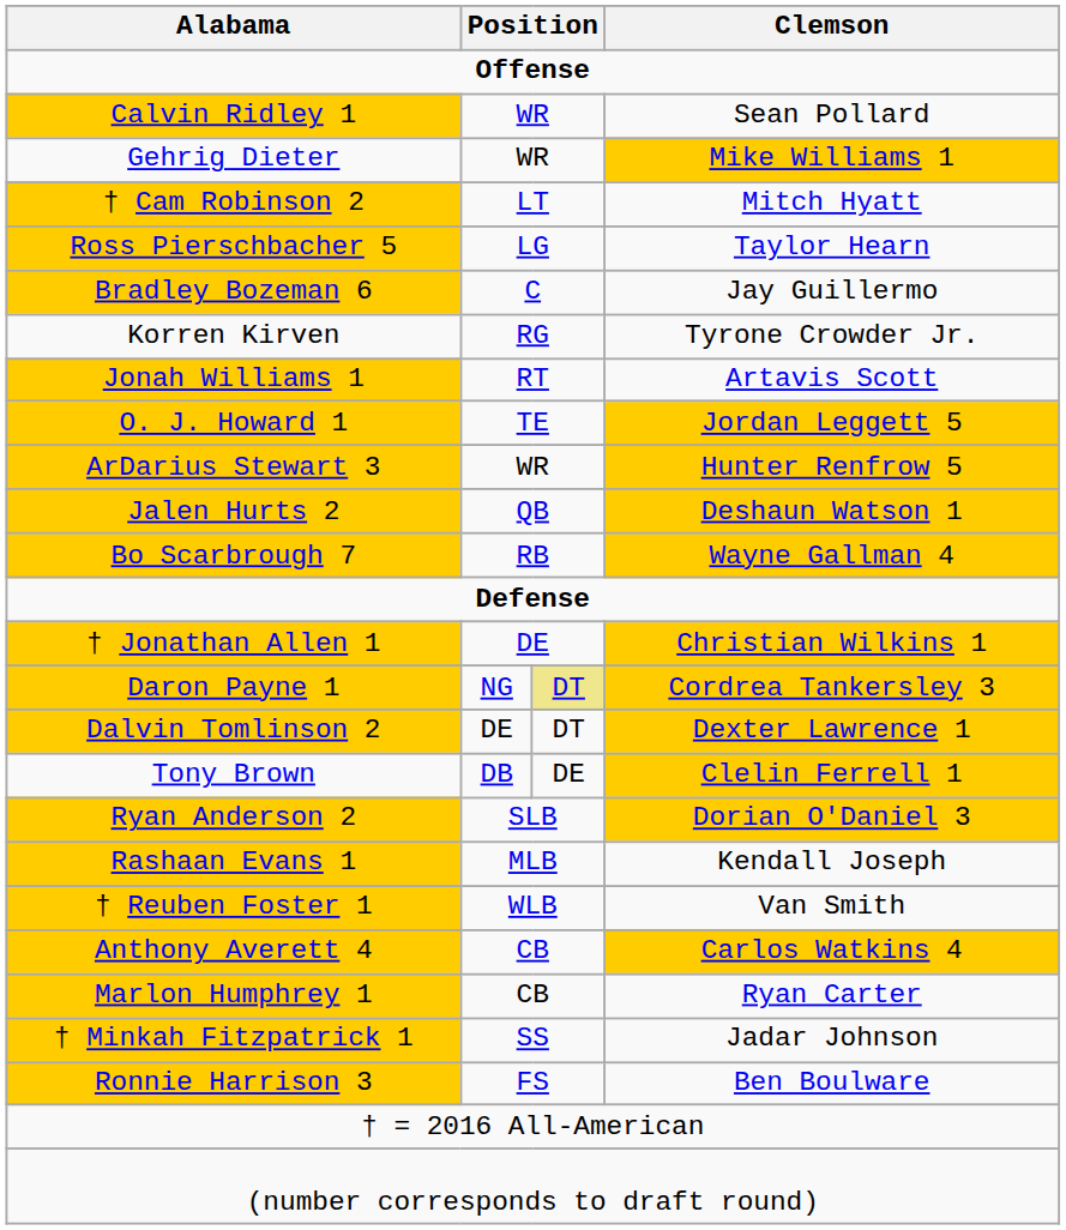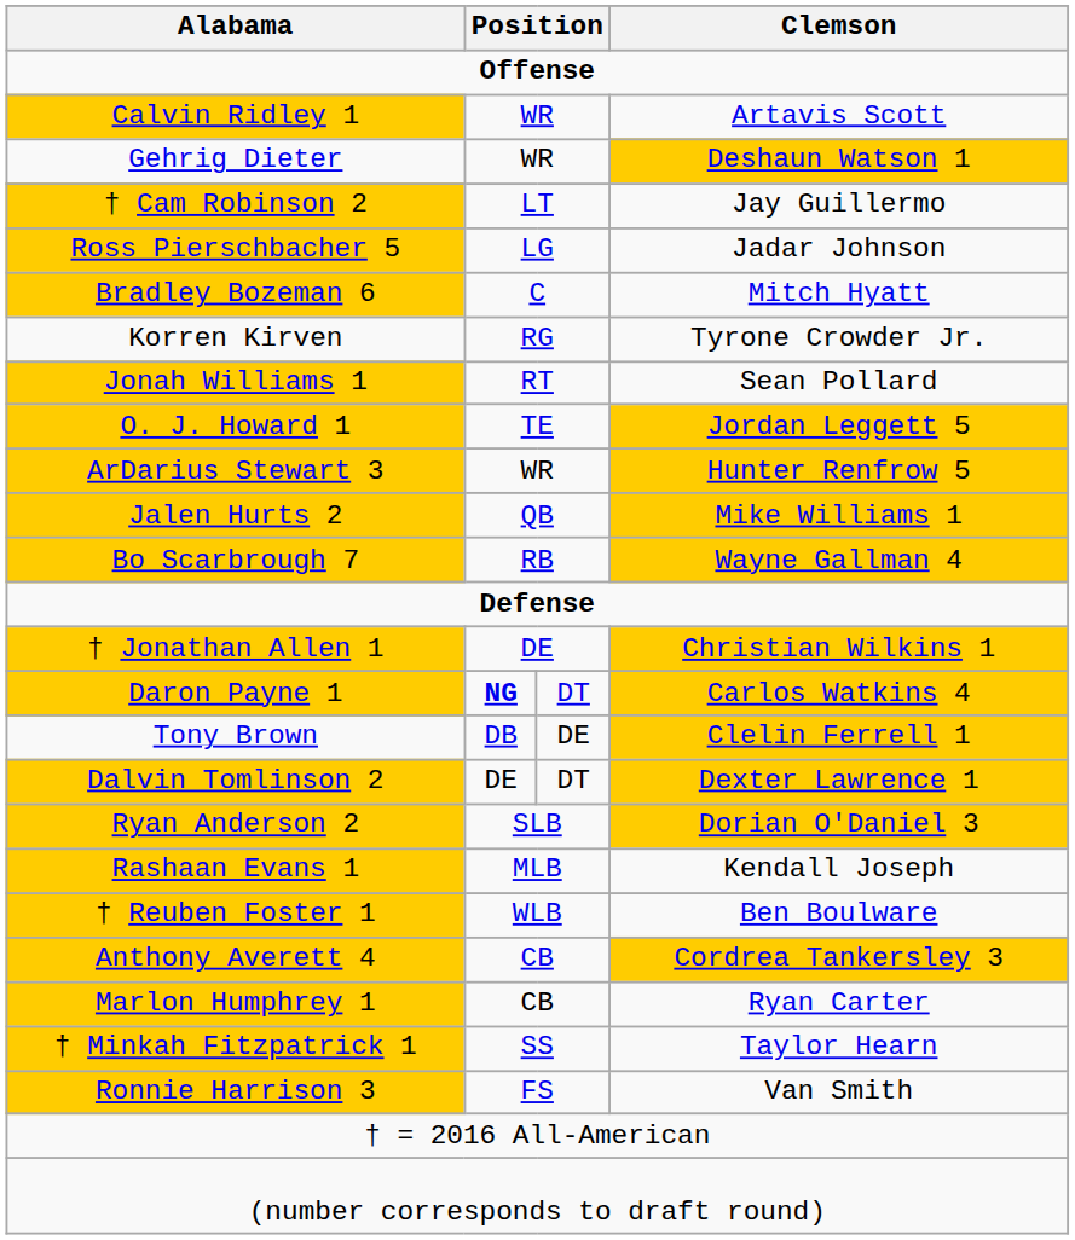 <table class="wikitable" style="text-align:center; font-size: 95%; margin: 1em auto;">
 <tr>
 <th style="width:200px;">Alabama</th>
 <th colspan="2">Position</th>
 <th style="width:200px;">Clemson</th>
 </tr>
 <tr>
 <td colspan="4" style="text-align:center"><strong>Offense</strong></td>
 </tr>
 <tr>
 <td bgcolor="#FFCC00"><a href='#'>Calvin Ridley</a> 1</td>
 <td colspan="2" style="text-align:center"><a href='#'>WR</a></td>
-<td>Sean Pollard</td>
+<td><a href='#'>Artavis Scott</a></td>
 </tr>
 <tr>
 <td><a href='#'>Gehrig Dieter</a></td>
 <td colspan="2" style="text-align:center">WR</td>
-<td bgcolor="#FFCC00"><a href='#'>Mike Williams</a> 1</td>
+<td bgcolor="#FFCC00"><a href='#'>Deshaun Watson</a> 1</td>
 </tr>
 <tr>
 <td bgcolor="#FFCC00">† <a href='#'>Cam Robinson</a>  2</td>
 <td colspan="2" style="text-align:center"><a href='#'>LT</a></td>
-<td><a href='#'>Mitch Hyatt</a></td>
+<td>Jay Guillermo</td>
 </tr>
 <tr>
 <td bgcolor="#FFCC00"><a href='#'>Ross Pierschbacher</a> 5</td>
 <td colspan="2" style="text-align:center"><a href='#'>LG</a></td>
-<td><a href='#'>Taylor Hearn</a></td>
+<td>Jadar Johnson</td>
 </tr>
 <tr>
 <td bgcolor="#FFCC00"><a href='#'>Bradley Bozeman</a> 6</td>
 <td colspan="2" style="text-align:center"><a href='#'>C</a></td>
-<td>Jay Guillermo</td>
+<td><a href='#'>Mitch Hyatt</a></td>
 </tr>
 <tr>
 <td>Korren Kirven</td>
 <td colspan="2" style="text-align:center"><a href='#'>RG</a></td>
 <td>Tyrone Crowder Jr.</td>
 </tr>
 <tr>
 <td bgcolor="#FFCC00"><a href='#'>Jonah Williams</a> 1</td>
 <td colspan="2" style="text-align:center"><a href='#'>RT</a></td>
-<td><a href='#'>Artavis Scott</a></td>
+<td>Sean Pollard</td>
 </tr>
 <tr>
 <td bgcolor="#FFCC00"><a href='#'>O. J. Howard</a> 1</td>
 <td colspan="2" style="text-align:center"><a href='#'>TE</a></td>
 <td bgcolor="#FFCC00"><a href='#'>Jordan Leggett</a> 5</td>
 </tr>
 <tr>
 <td bgcolor="#FFCC00"><a href='#'>ArDarius Stewart</a> 3</td>
 <td colspan="2" style="text-align:center">WR</td>
 <td bgcolor="#FFCC00"><a href='#'>Hunter Renfrow</a> 5</td>
 </tr>
 <tr>
 <td bgcolor="#FFCC00"><a href='#'>Jalen Hurts</a> 2</td>
 <td colspan="2" style="text-align:center"><a href='#'>QB</a></td>
-<td bgcolor="#FFCC00"><a href='#'>Deshaun Watson</a> 1</td>
+<td bgcolor="#FFCC00"><a href='#'>Mike Williams</a> 1</td>
 </tr>
 <tr>
 <td bgcolor="#FFCC00"><a href='#'>Bo Scarbrough</a> 7</td>
 <td colspan="2" style="text-align:center"><a href='#'>RB</a></td>
 <td bgcolor="#FFCC00"><a href='#'>Wayne Gallman</a> 4</td>
 </tr>
 <tr>
 <td colspan="4" style="text-align:center"><strong>Defense</strong></td>
 </tr>
 <tr>
 <td bgcolor="#FFCC00">† <a href='#'>Jonathan Allen</a> 1</td>
 <td colspan="2" style="text-align:center"><a href='#'>DE</a></td>
 <td bgcolor="#FFCC00"><a href='#'>Christian Wilkins</a> 1</td>
 </tr>
 <tr>
 <td bgcolor="#FFCC00"><a href='#'>Daron Payne</a> 1</td>
-<td style="text-align:center"><a href='#'>NG</a></td>
-<td style="background: khaki; text-align:center"><a href='#'>DT</a></td>
-<td bgcolor="#FFCC00"><a href='#'>Cordrea Tankersley</a> 3</td>
+<td style="text-align:center"><strong><a href='#'>NG</a></strong></td>
+<td style="text-align:center"><a href='#'>DT</a></td>
+<td bgcolor="#FFCC00"><a href='#'>Carlos Watkins</a> 4</td>
+</tr>
+<tr>
+<td><a href='#'>Tony Brown</a></td>
+<td style="text-align:center"><a href='#'>DB</a></td>
+<td style="text-align:center">DE</td>
+<td bgcolor="#FFCC00"><a href='#'>Clelin Ferrell</a> 1</td>
 </tr>
 <tr>
 <td bgcolor="#FFCC00"><a href='#'>Dalvin Tomlinson</a> 2</td>
 <td style="text-align:center">DE</td>
 <td style="text-align:center">DT</td>
 <td bgcolor="#FFCC00"><a href='#'>Dexter Lawrence</a> 1</td>
-</tr>
-<tr>
-<td><a href='#'>Tony Brown</a></td>
-<td style="text-align:center"><a href='#'>DB</a></td>
-<td style="text-align:center">DE</td>
-<td bgcolor="#FFCC00"><a href='#'>Clelin Ferrell</a> 1</td>
 </tr>
 <tr>
 <td bgcolor="#FFCC00"><a href='#'>Ryan Anderson</a> 2</td>
 <td colspan="2" style="text-align:center"><a href='#'>SLB</a></td>
 <td bgcolor="#FFCC00"><a href='#'>Dorian O'Daniel</a> 3</td>
 </tr>
 <tr>
 <td bgcolor="#FFCC00"><a href='#'>Rashaan Evans</a> 1</td>
 <td colspan="2" style="text-align:center"><a href='#'>MLB</a></td>
 <td>Kendall Joseph</td>
 </tr>
 <tr>
 <td bgcolor="#FFCC00">† <a href='#'>Reuben Foster</a> 1</td>
 <td colspan="2" style="text-align:center"><a href='#'>WLB</a></td>
-<td>Van Smith</td>
+<td><a href='#'>Ben Boulware</a></td>
 </tr>
 <tr>
 <td bgcolor="#FFCC00"><a href='#'>Anthony Averett</a> 4</td>
 <td colspan="2" style="text-align:center"><a href='#'>CB</a></td>
-<td bgcolor="#FFCC00"><a href='#'>Carlos Watkins</a> 4</td>
+<td bgcolor="#FFCC00"><a href='#'>Cordrea Tankersley</a> 3</td>
 </tr>
 <tr>
 <td bgcolor="#FFCC00"><a href='#'>Marlon Humphrey</a> 1</td>
 <td colspan="2" style="text-align:center">CB</td>
 <td><a href='#'>Ryan Carter</a></td>
 </tr>
 <tr>
 <td bgcolor="#FFCC00">† <a href='#'>Minkah Fitzpatrick</a> 1</td>
 <td colspan="2" style="text-align:center"><a href='#'>SS</a></td>
-<td>Jadar Johnson</td>
+<td><a href='#'>Taylor Hearn</a></td>
 </tr>
 <tr>
 <td bgcolor="#FFCC00"><a href='#'>Ronnie Harrison</a> 3</td>
 <td colspan="2" style="text-align:center"><a href='#'>FS</a></td>
-<td><a href='#'>Ben Boulware</a></td>
+<td>Van Smith</td>
 </tr>
 <tr>
 <td colspan=4 align=center>† = 2016 All-American</td>
 </tr>
 <tr>
 <td colspan=4 align=center><br>(number corresponds to draft round)</td>
 </tr>
 </table>
